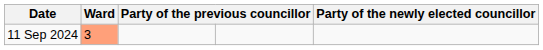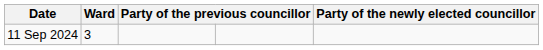 <table class="wikitable">
 <tr>
 <th>Date</th>
 <th>Ward</th>
 <th colspan=2>Party of the previous councillor</th>
 <th colspan=2>Party of the newly elected councillor</th>
 </tr>
 <tr>
 <td>11 Sep 2024</td>
-<td style="background: lightsalmon;">3</td>
+<td>3</td>
 <td></td>
 <td></td>
 </tr>
 </table>
